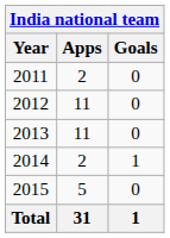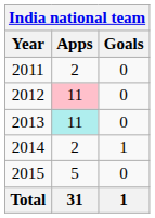 <table class="wikitable" style="text-align:center">
 <tr>
 <th colspan=3><a href='#'>India national team</a></th>
 </tr>
 <tr>
 <th>Year</th>
 <th>Apps</th>
 <th>Goals</th>
 </tr>
 <tr>
 <td>2011</td>
 <td>2</td>
 <td>0</td>
 </tr>
 <tr>
 <td>2012</td>
-<td>11</td>
+<td style="background: pink;">11</td>
 <td>0</td>
 </tr>
 <tr>
 <td>2013</td>
-<td>11</td>
+<td style="background: paleturquoise;">11</td>
 <td>0</td>
 </tr>
 <tr>
 <td>2014</td>
 <td>2</td>
 <td>1</td>
 </tr>
 <tr>
 <td>2015</td>
 <td>5</td>
 <td>0</td>
 </tr>
 <tr>
 <th>Total</th>
 <th>31</th>
 <th>1</th>
 </tr>
 </table>
